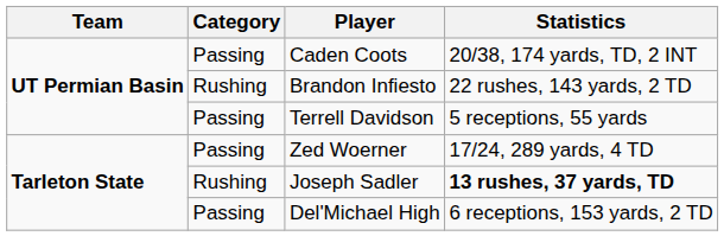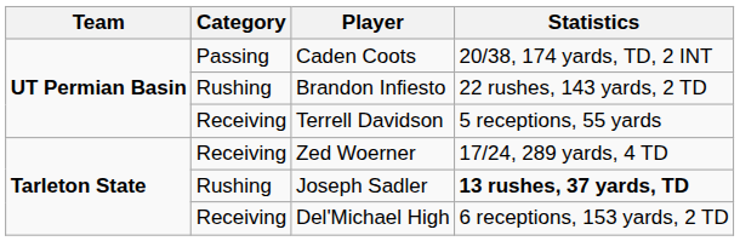 <table class="wikitable" style="float: right;">
 <tr>
 <th>Team</th>
 <th>Category</th>
 <th>Player</th>
 <th>Statistics</th>
 </tr>
 <tr>
 <td rowspan=3><strong>UT Permian Basin</strong></td>
 <td>Passing</td>
 <td>Caden Coots</td>
 <td>20/38, 174 yards, TD, 2 INT</td>
 </tr>
 <tr>
 <td>Rushing</td>
 <td>Brandon Infiesto</td>
 <td>22 rushes, 143 yards, 2 TD</td>
 </tr>
 <tr>
-<td>Passing</td>
+<td>Receiving</td>
 <td>Terrell Davidson</td>
 <td>5 receptions, 55 yards</td>
 </tr>
 <tr>
 <td rowspan=3><strong>Tarleton State</strong></td>
-<td>Passing</td>
+<td>Receiving</td>
 <td>Zed Woerner</td>
 <td>17/24, 289 yards, 4 TD</td>
 </tr>
 <tr>
 <td>Rushing</td>
 <td>Joseph Sadler</td>
 <td><strong>13 rushes, 37 yards, TD</strong></td>
 </tr>
 <tr>
-<td>Passing</td>
+<td>Receiving</td>
 <td>Del'Michael High</td>
 <td>6 receptions, 153 yards, 2 TD</td>
 </tr>
 </table>
